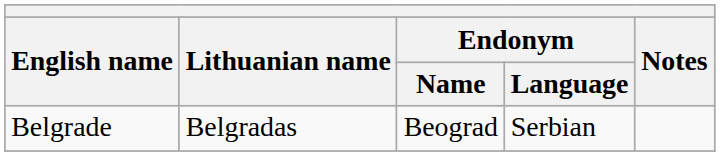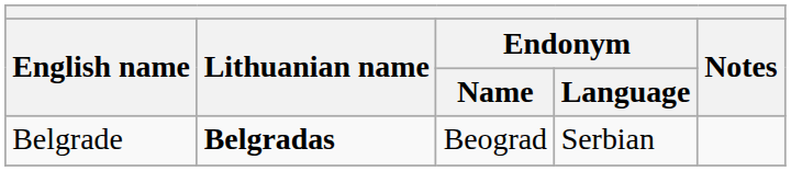 <table class="wikitable sortable">
 <tr>
 <th colspan="5"></th>
 </tr>
 <tr>
 <th rowspan="2">English name</th>
 <th rowspan="2">Lithuanian name</th>
 <th colspan="2">Endonym</th>
 <th rowspan="2">Notes</th>
 </tr>
 <tr>
 <th>Name</th>
 <th>Language</th>
 </tr>
 <tr>
 <td>Belgrade</td>
-<td>Belgradas</td>
+<td><strong>Belgradas</strong></td>
 <td>Beograd</td>
 <td>Serbian</td>
 <td></td>
 </tr>
 </table>
